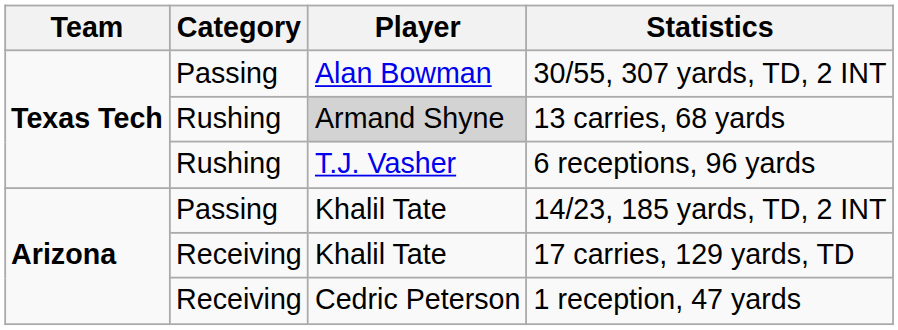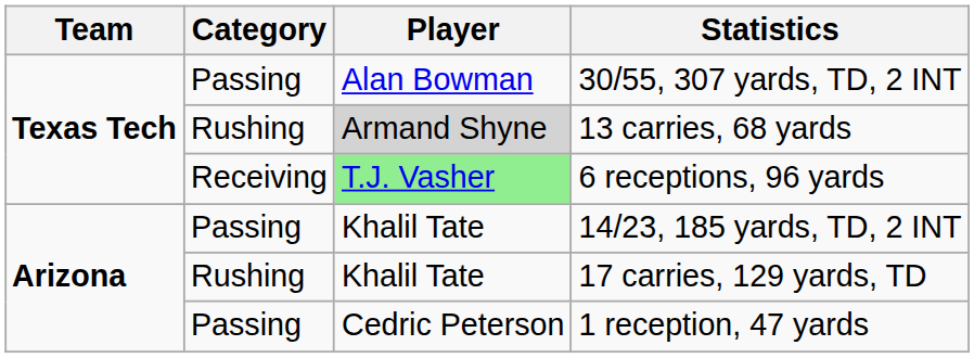 <table class="wikitable" style="float: right;">
 <tr>
 <th>Team</th>
 <th>Category</th>
 <th>Player</th>
 <th>Statistics</th>
 </tr>
 <tr>
 <td rowspan=3><strong>Texas Tech</strong></td>
 <td>Passing</td>
 <td><a href='#'>Alan Bowman</a></td>
 <td>30/55, 307 yards, TD, 2 INT</td>
 </tr>
 <tr>
 <td>Rushing</td>
 <td style="background: lightgrey;">Armand Shyne</td>
 <td>13 carries, 68 yards</td>
 </tr>
 <tr>
-<td>Rushing</td>
-<td><a href='#'>T.J. Vasher</a></td>
+<td>Receiving</td>
+<td style="background: lightgreen;"><a href='#'>T.J. Vasher</a></td>
 <td>6 receptions, 96 yards</td>
 </tr>
 <tr>
 <td rowspan=3><strong>Arizona</strong></td>
 <td>Passing</td>
 <td>Khalil Tate</td>
 <td>14/23, 185 yards, TD, 2 INT</td>
 </tr>
 <tr>
-<td>Receiving</td>
+<td>Rushing</td>
 <td>Khalil Tate</td>
 <td>17 carries, 129 yards, TD</td>
 </tr>
 <tr>
-<td>Receiving</td>
+<td>Passing</td>
 <td>Cedric Peterson</td>
 <td>1 reception, 47 yards</td>
 </tr>
 </table>
